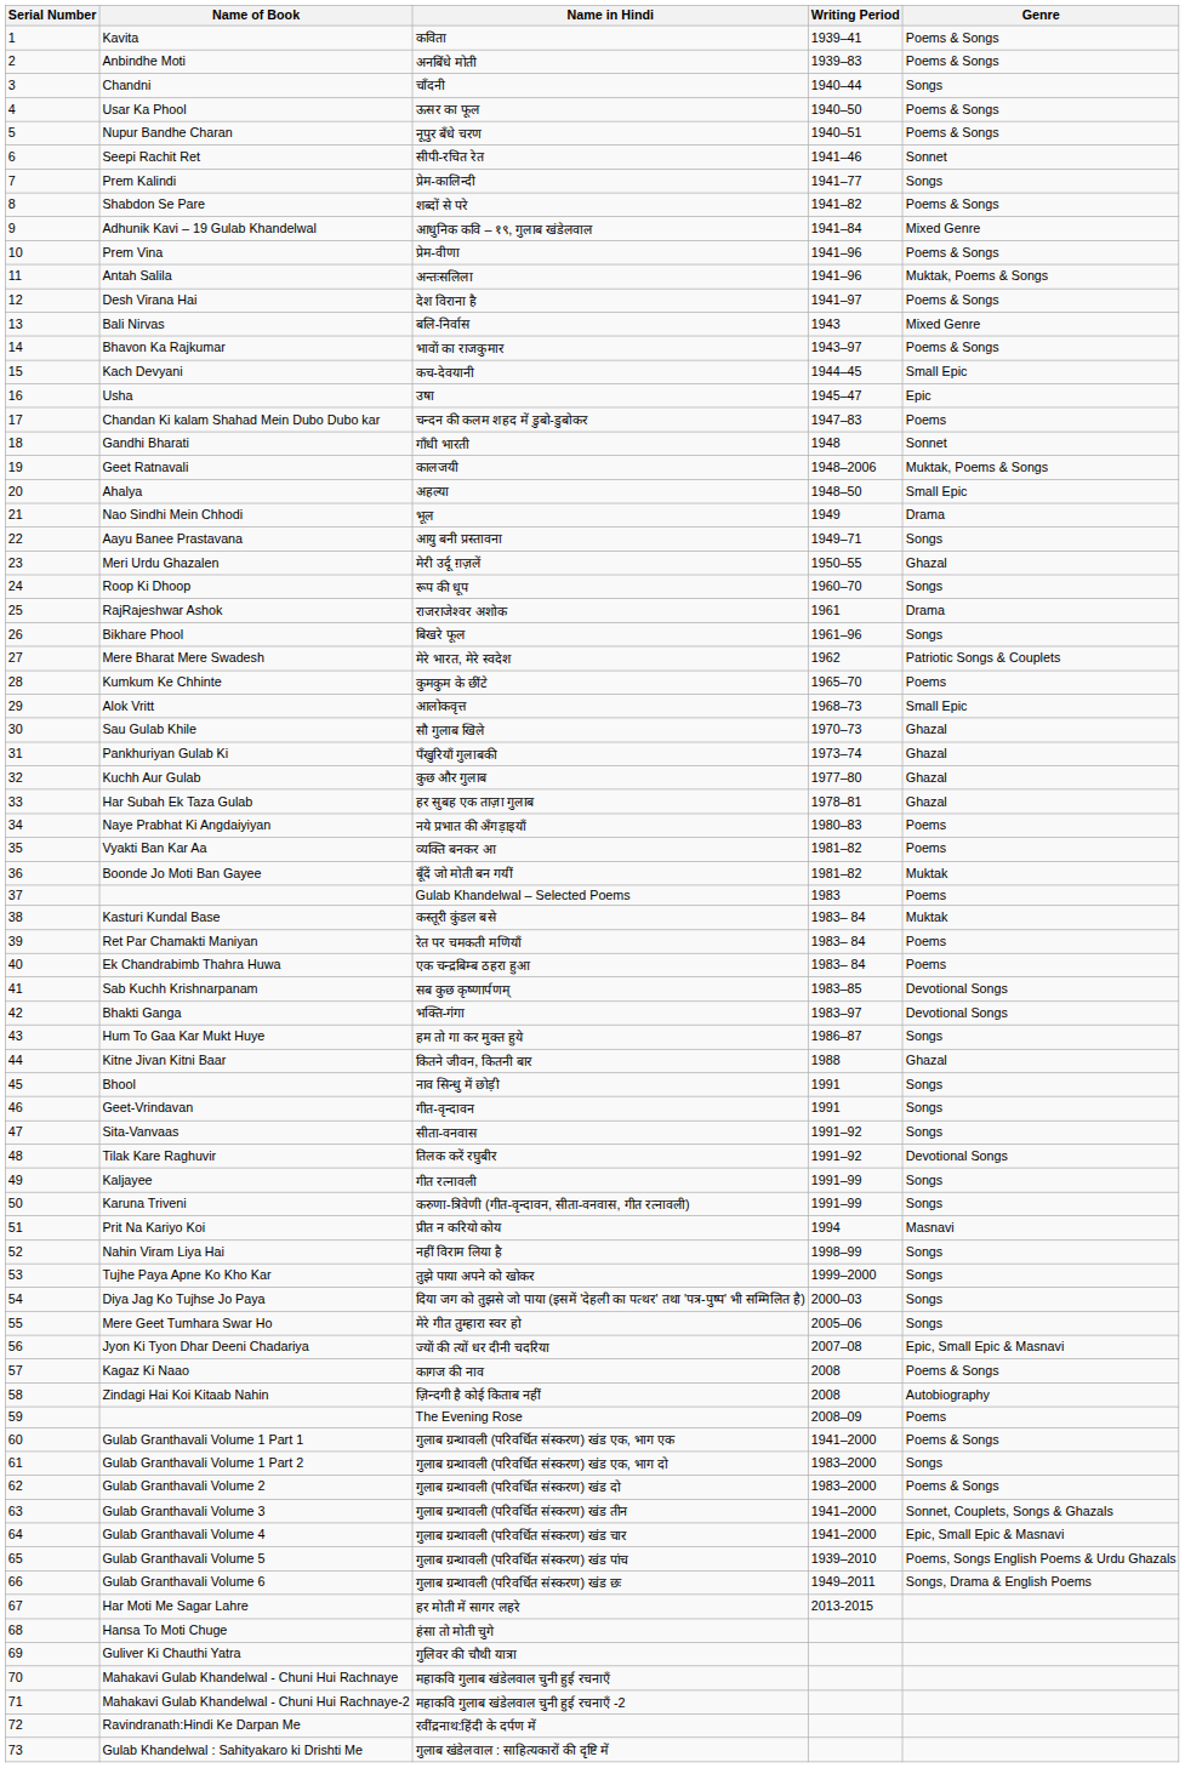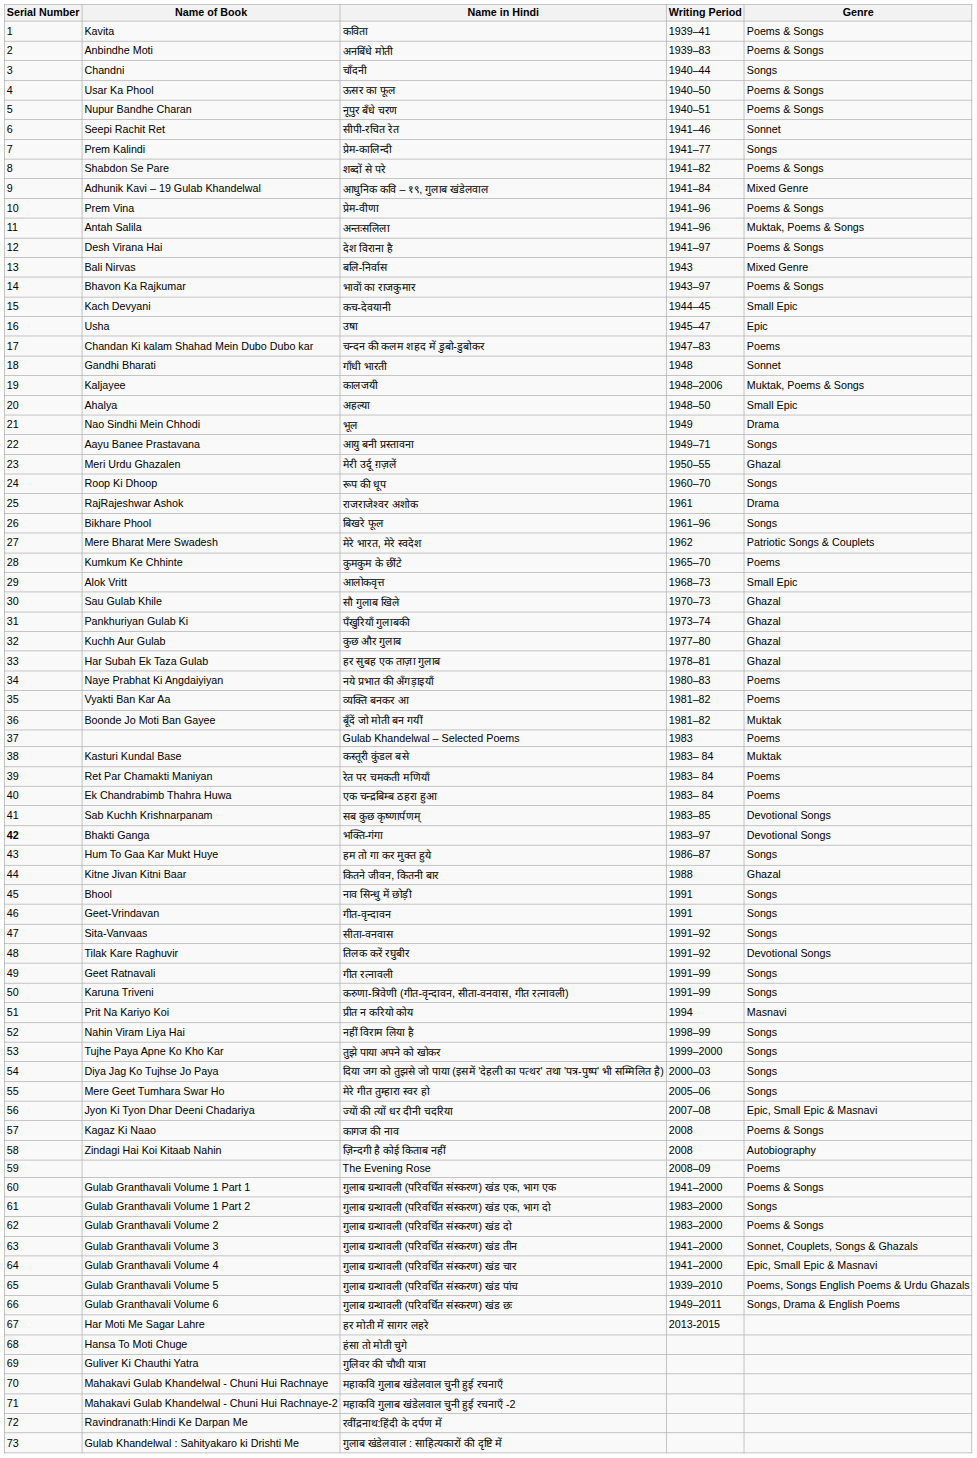 <table class="wikitable sortable">
 <tr>
 <th>Serial Number</th>
 <th>Name of Book</th>
 <th>Name in Hindi</th>
 <th>Writing Period</th>
 <th>Genre</th>
 </tr>
 <tr>
 <td>1</td>
 <td>Kavita</td>
 <td>कविता</td>
 <td>1939–41</td>
 <td>Poems & Songs</td>
 </tr>
 <tr>
 <td>2</td>
 <td>Anbindhe Moti</td>
 <td>अनबिंधे मोती</td>
 <td>1939–83</td>
 <td>Poems & Songs</td>
 </tr>
 <tr>
 <td>3</td>
 <td>Chandni</td>
 <td>चाँदनी</td>
 <td>1940–44</td>
 <td>Songs</td>
 </tr>
 <tr>
 <td>4</td>
 <td>Usar Ka Phool</td>
 <td>ऊसर का फूल</td>
 <td>1940–50</td>
 <td>Poems & Songs</td>
 </tr>
 <tr>
 <td>5</td>
 <td>Nupur Bandhe Charan</td>
 <td>नूपुर बँधे चरण</td>
 <td>1940–51</td>
 <td>Poems & Songs</td>
 </tr>
 <tr>
 <td>6</td>
 <td>Seepi Rachit Ret</td>
 <td>सीपी-रचित रेत</td>
 <td>1941–46</td>
 <td>Sonnet</td>
 </tr>
 <tr>
 <td>7</td>
 <td>Prem Kalindi</td>
 <td>प्रेम-कालिन्दी</td>
 <td>1941–77</td>
 <td>Songs</td>
 </tr>
 <tr>
 <td>8</td>
 <td>Shabdon Se Pare</td>
 <td>शब्दों से परे</td>
 <td>1941–82</td>
 <td>Poems & Songs</td>
 </tr>
 <tr>
 <td>9</td>
 <td>Adhunik Kavi – 19 Gulab Khandelwal</td>
 <td>आधुनिक कवि – १९, गुलाब खंडेलवाल</td>
 <td>1941–84</td>
 <td>Mixed Genre</td>
 </tr>
 <tr>
 <td>10</td>
 <td>Prem Vina</td>
 <td>प्रेम-वीणा</td>
 <td>1941–96</td>
 <td>Poems & Songs</td>
 </tr>
 <tr>
 <td>11</td>
 <td>Antah Salila</td>
 <td>अन्तःसलिला</td>
 <td>1941–96</td>
 <td>Muktak, Poems & Songs</td>
 </tr>
 <tr>
 <td>12</td>
 <td>Desh Virana Hai</td>
 <td>देश विराना है</td>
 <td>1941–97</td>
 <td>Poems & Songs</td>
 </tr>
 <tr>
 <td>13</td>
 <td>Bali Nirvas</td>
 <td>बलि-निर्वास</td>
 <td>1943</td>
 <td>Mixed Genre</td>
 </tr>
 <tr>
 <td>14</td>
 <td>Bhavon Ka Rajkumar</td>
 <td>भावों का राजकुमार</td>
 <td>1943–97</td>
 <td>Poems & Songs</td>
 </tr>
 <tr>
 <td>15</td>
 <td>Kach Devyani</td>
 <td>कच-देवयानी</td>
 <td>1944–45</td>
 <td>Small Epic</td>
 </tr>
 <tr>
 <td>16</td>
 <td>Usha</td>
 <td>उषा</td>
 <td>1945–47</td>
 <td>Epic</td>
 </tr>
 <tr>
 <td>17</td>
 <td>Chandan Ki kalam Shahad Mein Dubo Dubo kar</td>
 <td>चन्दन की कलम शहद में डुबो-डुबोकर</td>
 <td>1947–83</td>
 <td>Poems</td>
 </tr>
 <tr>
 <td>18</td>
 <td>Gandhi Bharati</td>
 <td>गाँधी भारती</td>
 <td>1948</td>
 <td>Sonnet</td>
 </tr>
 <tr>
 <td>19</td>
-<td>Geet Ratnavali</td>
+<td>Kaljayee</td>
 <td>कालजयी</td>
 <td>1948–2006</td>
 <td>Muktak, Poems & Songs</td>
 </tr>
 <tr>
 <td>20</td>
 <td>Ahalya</td>
 <td>अहल्या</td>
 <td>1948–50</td>
 <td>Small Epic</td>
 </tr>
 <tr>
 <td>21</td>
 <td>Nao Sindhi Mein Chhodi</td>
 <td>भूल</td>
 <td>1949</td>
 <td>Drama</td>
 </tr>
 <tr>
 <td>22</td>
 <td>Aayu Banee Prastavana</td>
 <td>आयु बनी प्रस्तावना</td>
 <td>1949–71</td>
 <td>Songs</td>
 </tr>
 <tr>
 <td>23</td>
 <td>Meri Urdu Ghazalen</td>
 <td>मेरी उर्दू ग़ज़लें</td>
 <td>1950–55</td>
 <td>Ghazal</td>
 </tr>
 <tr>
 <td>24</td>
 <td>Roop Ki Dhoop</td>
 <td>रूप की धूप</td>
 <td>1960–70</td>
 <td>Songs</td>
 </tr>
 <tr>
 <td>25</td>
 <td>RajRajeshwar Ashok</td>
 <td>राजराजेश्वर अशोक</td>
 <td>1961</td>
 <td>Drama</td>
 </tr>
 <tr>
 <td>26</td>
 <td>Bikhare Phool</td>
 <td>बिखरे फूल</td>
 <td>1961–96</td>
 <td>Songs</td>
 </tr>
 <tr>
 <td>27</td>
 <td>Mere Bharat Mere Swadesh</td>
 <td>मेरे भारत, मेरे स्वदेश</td>
 <td>1962</td>
 <td>Patriotic Songs & Couplets</td>
 </tr>
 <tr>
 <td>28</td>
 <td>Kumkum Ke Chhinte</td>
 <td>कुमकुम के छींटे</td>
 <td>1965–70</td>
 <td>Poems</td>
 </tr>
 <tr>
 <td>29</td>
 <td>Alok Vritt</td>
 <td>आलोकवृत्त</td>
 <td>1968–73</td>
 <td>Small Epic</td>
 </tr>
 <tr>
 <td>30</td>
 <td>Sau Gulab Khile</td>
 <td>सौ गुलाब खिले</td>
 <td>1970–73</td>
 <td>Ghazal</td>
 </tr>
 <tr>
 <td>31</td>
 <td>Pankhuriyan Gulab Ki</td>
 <td>पँखुरियाँ गुलाबकी</td>
 <td>1973–74</td>
 <td>Ghazal</td>
 </tr>
 <tr>
 <td>32</td>
 <td>Kuchh Aur Gulab</td>
 <td>कुछ और गुलाब</td>
 <td>1977–80</td>
 <td>Ghazal</td>
 </tr>
 <tr>
 <td>33</td>
 <td>Har Subah Ek Taza Gulab</td>
 <td>हर सुबह एक ताज़ा गुलाब</td>
 <td>1978–81</td>
 <td>Ghazal</td>
 </tr>
 <tr>
 <td>34</td>
 <td>Naye Prabhat Ki Angdaiyiyan</td>
 <td>नये प्रभात की अँगड़ाइयाँ</td>
 <td>1980–83</td>
 <td>Poems</td>
 </tr>
 <tr>
 <td>35</td>
 <td>Vyakti Ban Kar Aa</td>
 <td>व्यक्ति बनकर आ</td>
 <td>1981–82</td>
 <td>Poems</td>
 </tr>
 <tr>
 <td>36</td>
 <td>Boonde Jo Moti Ban Gayee</td>
 <td>बूँदें जो मोती बन गयीं</td>
 <td>1981–82</td>
 <td>Muktak</td>
 </tr>
 <tr>
 <td>37</td>
 <td></td>
 <td>Gulab Khandelwal – Selected Poems</td>
 <td>1983</td>
 <td>Poems</td>
 </tr>
 <tr>
 <td>38</td>
 <td>Kasturi Kundal Base</td>
 <td>कस्तूरी कुंडल बसे</td>
 <td>1983– 84</td>
 <td>Muktak</td>
 </tr>
 <tr>
 <td>39</td>
 <td>Ret Par Chamakti Maniyan</td>
 <td>रेत पर चमकती मणियाँ</td>
 <td>1983– 84</td>
 <td>Poems</td>
 </tr>
 <tr>
 <td>40</td>
 <td>Ek Chandrabimb Thahra Huwa</td>
 <td>एक चन्द्रबिम्ब ठहरा हुआ</td>
 <td>1983– 84</td>
 <td>Poems</td>
 </tr>
 <tr>
 <td>41</td>
 <td>Sab Kuchh Krishnarpanam</td>
 <td>सब कुछ कृष्णार्पणम्‌</td>
 <td>1983–85</td>
 <td>Devotional Songs</td>
 </tr>
 <tr>
-<td>42</td>
+<td><strong>42</strong></td>
 <td>Bhakti Ganga</td>
 <td>भक्ति-गंगा</td>
 <td>1983–97</td>
 <td>Devotional Songs</td>
 </tr>
 <tr>
 <td>43</td>
 <td>Hum To Gaa Kar Mukt Huye</td>
 <td>हम तो गा कर मुक्त हुये</td>
 <td>1986–87</td>
 <td>Songs</td>
 </tr>
 <tr>
 <td>44</td>
 <td>Kitne Jivan Kitni Baar</td>
 <td>कितने जीवन, कितनी बार</td>
 <td>1988</td>
 <td>Ghazal</td>
 </tr>
 <tr>
 <td>45</td>
 <td>Bhool</td>
 <td>नाव सिन्धु में छोड़ी</td>
 <td>1991</td>
 <td>Songs</td>
 </tr>
 <tr>
 <td>46</td>
 <td>Geet-Vrindavan</td>
 <td>गीत-वृन्दावन</td>
 <td>1991</td>
 <td>Songs</td>
 </tr>
 <tr>
 <td>47</td>
 <td>Sita-Vanvaas</td>
 <td>सीता-वनवास</td>
 <td>1991–92</td>
 <td>Songs</td>
 </tr>
 <tr>
 <td>48</td>
 <td>Tilak Kare Raghuvir</td>
 <td>तिलक करें रघुबीर</td>
 <td>1991–92</td>
 <td>Devotional Songs</td>
 </tr>
 <tr>
 <td>49</td>
-<td>Kaljayee</td>
+<td>Geet Ratnavali</td>
 <td>गीत रत्नावली</td>
 <td>1991–99</td>
 <td>Songs</td>
 </tr>
 <tr>
 <td>50</td>
 <td>Karuna Triveni</td>
 <td>करुणा-त्रिवेणी (गीत-वृन्दावन, सीता-वनवास, गीत रत्नावली)</td>
 <td>1991–99</td>
 <td>Songs</td>
 </tr>
 <tr>
 <td>51</td>
 <td>Prit Na Kariyo Koi</td>
 <td>प्रीत न करियो कोय</td>
 <td>1994</td>
 <td>Masnavi</td>
 </tr>
 <tr>
 <td>52</td>
 <td>Nahin Viram Liya Hai</td>
 <td>नहीं विराम लिया है</td>
 <td>1998–99</td>
 <td>Songs</td>
 </tr>
 <tr>
 <td>53</td>
 <td>Tujhe Paya Apne Ko Kho Kar</td>
 <td>तुझे पाया अपने को खोकर</td>
 <td>1999–2000</td>
 <td>Songs</td>
 </tr>
 <tr>
 <td>54</td>
 <td>Diya Jag Ko Tujhse Jo Paya</td>
 <td>दिया जग को तुझसे जो पाया (इसमें 'देहली का पत्थर' तथा 'पत्र-पुष्प' भी सम्मिलित है)</td>
 <td>2000–03</td>
 <td>Songs</td>
 </tr>
 <tr>
 <td>55</td>
 <td>Mere Geet Tumhara Swar Ho</td>
 <td>मेरे गीत तुम्हारा स्वर हो</td>
 <td>2005–06</td>
 <td>Songs</td>
 </tr>
 <tr>
 <td>56</td>
 <td>Jyon Ki Tyon Dhar Deeni Chadariya</td>
 <td>ज्यों की त्यों धर दीनी चदरिया</td>
 <td>2007–08</td>
 <td>Epic, Small Epic & Masnavi</td>
 </tr>
 <tr>
 <td>57</td>
 <td>Kagaz Ki Naao</td>
 <td>कागज की नाव</td>
 <td>2008</td>
 <td>Poems & Songs</td>
 </tr>
 <tr>
 <td>58</td>
 <td>Zindagi Hai Koi Kitaab Nahin</td>
 <td>ज़िन्दगी है कोई किताब नहीं</td>
 <td>2008</td>
 <td>Autobiography</td>
 </tr>
 <tr>
 <td>59</td>
 <td></td>
 <td>The Evening Rose</td>
 <td>2008–09</td>
 <td>Poems</td>
 </tr>
 <tr>
 <td>60</td>
 <td>Gulab Granthavali Volume 1 Part 1</td>
 <td>गुलाब ग्रन्थावली (परिवर्धित संस्करण) खंड एक, भाग एक</td>
 <td>1941–2000</td>
 <td>Poems & Songs</td>
 </tr>
 <tr>
 <td>61</td>
 <td>Gulab Granthavali Volume 1 Part 2</td>
 <td>गुलाब ग्रन्थावली (परिवर्धित संस्करण) खंड एक, भाग दो</td>
 <td>1983–2000</td>
 <td>Songs</td>
 </tr>
 <tr>
 <td>62</td>
 <td>Gulab Granthavali Volume 2</td>
 <td>गुलाब ग्रन्थावली (परिवर्धित संस्करण) खंड दो</td>
 <td>1983–2000</td>
 <td>Poems & Songs</td>
 </tr>
 <tr>
 <td>63</td>
 <td>Gulab Granthavali Volume 3</td>
 <td>गुलाब ग्रन्थावली (परिवर्धित संस्करण) खंड तीन</td>
 <td>1941–2000</td>
 <td>Sonnet, Couplets, Songs & Ghazals</td>
 </tr>
 <tr>
 <td>64</td>
 <td>Gulab Granthavali Volume 4</td>
 <td>गुलाब ग्रन्थावली (परिवर्धित संस्करण) खंड चार</td>
 <td>1941–2000</td>
 <td>Epic, Small Epic & Masnavi</td>
 </tr>
 <tr>
 <td>65</td>
 <td>Gulab Granthavali Volume 5</td>
 <td>गुलाब ग्रन्थावली (परिवर्धित संस्करण) खंड पांच</td>
 <td>1939–2010</td>
 <td>Poems, Songs English Poems & Urdu Ghazals</td>
 </tr>
 <tr>
 <td>66</td>
 <td>Gulab Granthavali Volume 6</td>
 <td>गुलाब ग्रन्थावली (परिवर्धित संस्करण) खंड छः</td>
 <td>1949–2011</td>
 <td>Songs, Drama & English Poems</td>
 </tr>
 <tr>
 <td>67</td>
 <td>Har Moti Me Sagar Lahre</td>
 <td>हर मोती में सागर लहरे</td>
 <td>2013-2015</td>
 <td></td>
 </tr>
 <tr>
 <td>68</td>
 <td>Hansa To Moti Chuge</td>
 <td>हंसा तो मोती चुगे</td>
 <td></td>
 <td></td>
 </tr>
 <tr>
 <td>69</td>
 <td>Guliver Ki Chauthi Yatra</td>
 <td>गुलिवर की चौथी यात्रा</td>
 <td></td>
 <td></td>
 </tr>
 <tr>
 <td>70</td>
 <td>Mahakavi Gulab Khandelwal - Chuni Hui Rachnaye</td>
 <td>महाकवि गुलाब खंडेलवाल चुनी हुई रचनाएँ</td>
 <td></td>
 <td></td>
 </tr>
 <tr>
 <td>71</td>
 <td>Mahakavi Gulab Khandelwal - Chuni Hui Rachnaye-2</td>
 <td>महाकवि गुलाब खंडेलवाल चुनी हुई रचनाएँ -2</td>
 <td></td>
 <td></td>
 </tr>
 <tr>
 <td>72</td>
 <td>Ravindranath:Hindi Ke Darpan Me</td>
 <td>रवींद्रनाथ:हिंदी के दर्पण में</td>
 <td></td>
 <td></td>
 </tr>
 <tr>
 <td>73</td>
 <td>Gulab Khandelwal : Sahityakaro ki Drishti Me</td>
 <td>गुलाब खंडेलवाल : साहित्यकारों की दृष्टि में</td>
 <td></td>
 <td></td>
 </tr>
 </table>
